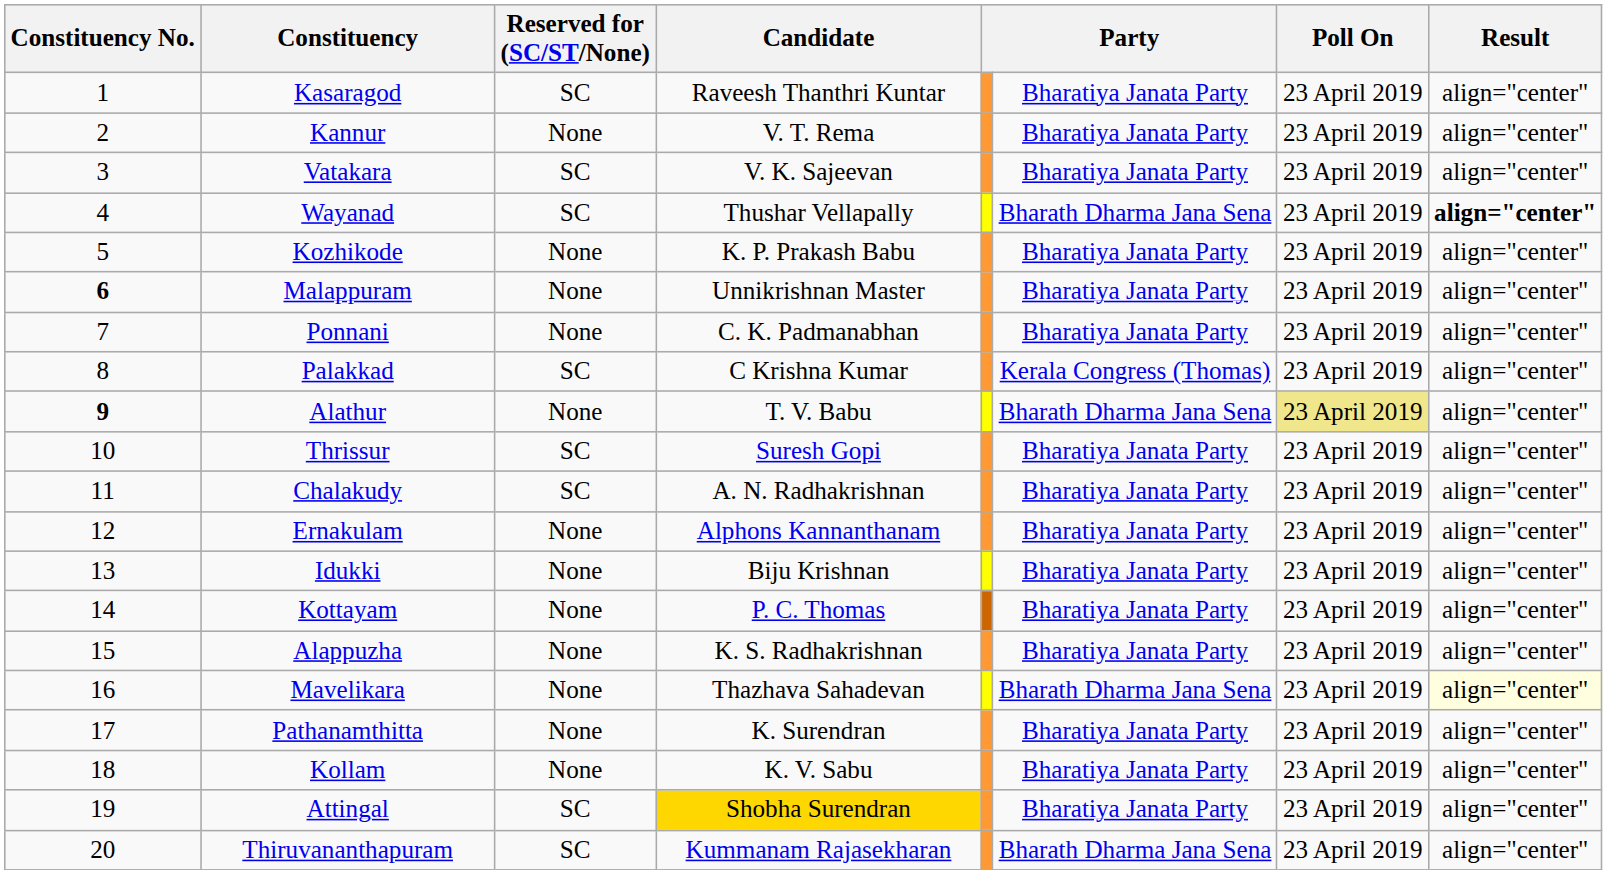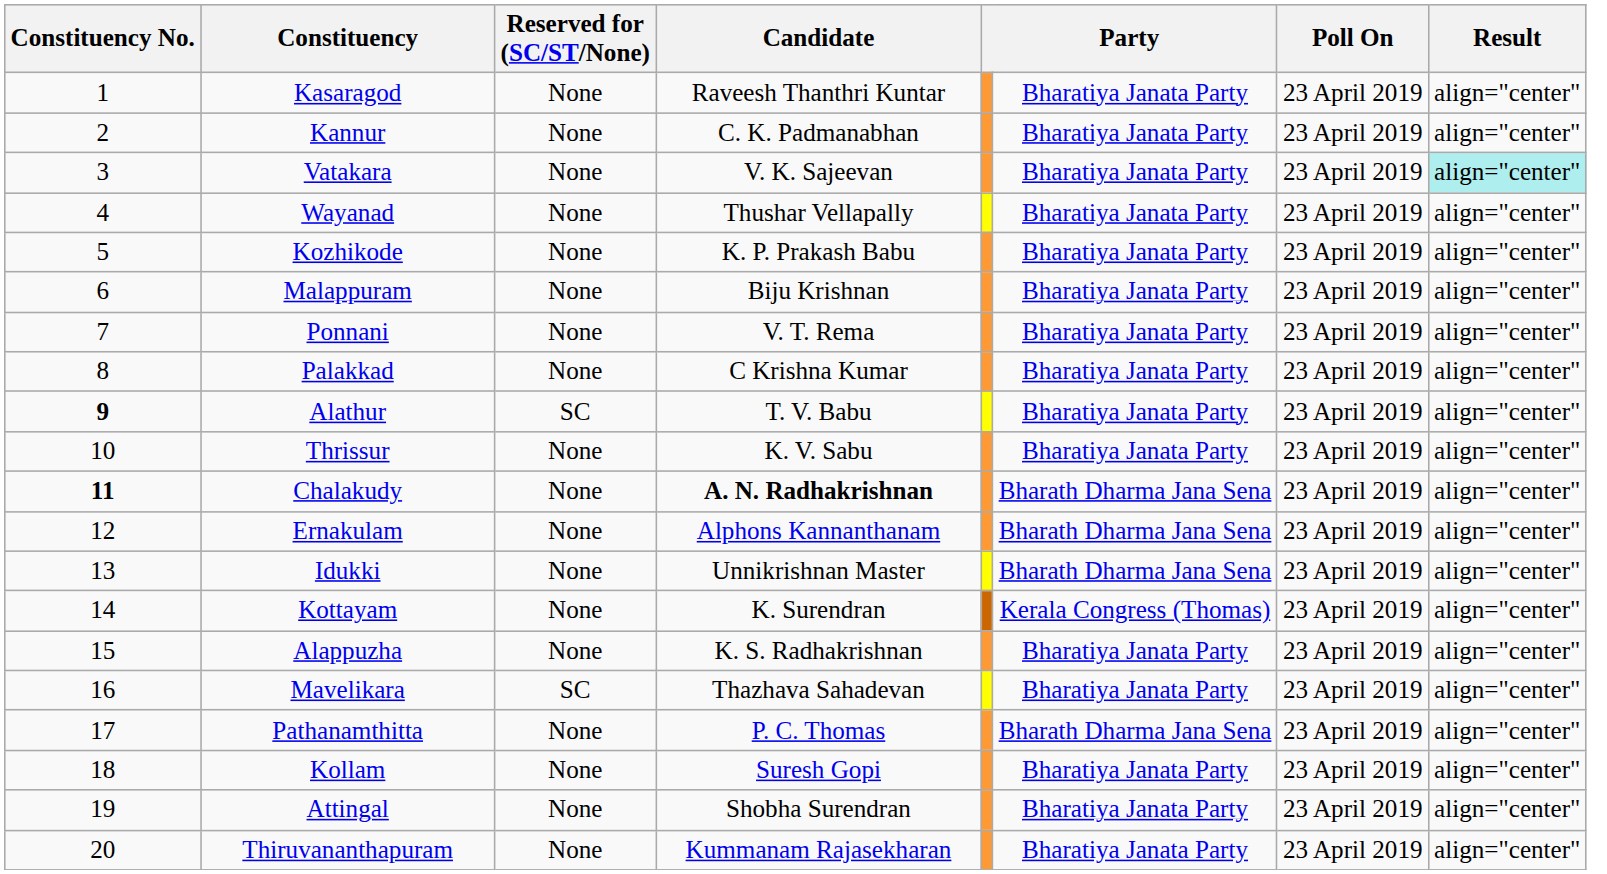 <table class="wikitable sortable" style="text-align:center;">
 <tr>
 <th>Constituency No.</th>
 <th style="width:180px;">Constituency</th>
 <th>Reserved for<br>(<a href='#'>SC/ST</a>/None)</th>
 <th style="width:200px;">Candidate</th>
 <th colspan="2">Party</th>
 <th>Poll On</th>
 <th>Result</th>
 </tr>
 <tr>
 <td align="center">1</td>
 <td><a href='#'>Kasaragod</a></td>
-<td align="center">SC</td>
+<td align="center">None</td>
 <td>Raveesh Thanthri Kuntar</td>
 <td bgcolor=#FF9933></td>
 <td><a href='#'>Bharatiya Janata Party</a></td>
 <td align="center">23 April 2019</td>
 <td>align="center" </td>
 </tr>
 <tr>
 <td align="center">2</td>
 <td><a href='#'>Kannur</a></td>
 <td align="center">None</td>
-<td>V. T. Rema</td>
+<td>C. K. Padmanabhan</td>
 <td bgcolor=#FF9933></td>
 <td><a href='#'>Bharatiya Janata Party</a></td>
 <td align="center">23 April 2019</td>
 <td>align="center" </td>
 </tr>
 <tr>
 <td align="center">3</td>
 <td><a href='#'>Vatakara</a></td>
-<td align="center">SC</td>
+<td align="center">None</td>
 <td>V. K. Sajeevan</td>
 <td bgcolor=#FF9933></td>
 <td><a href='#'>Bharatiya Janata Party</a></td>
 <td align="center">23 April 2019</td>
-<td>align="center" </td>
+<td style="background: paleturquoise;">align="center" </td>
 </tr>
 <tr>
 <td align="center">4</td>
 <td><a href='#'>Wayanad</a></td>
-<td align="center">SC</td>
+<td align="center">None</td>
 <td>Thushar Vellapally</td>
 <td bgcolor="#FFFF00"></td>
-<td><a href='#'>Bharath Dharma Jana Sena</a></td>
+<td><a href='#'>Bharatiya Janata Party</a></td>
 <td align="center">23 April 2019</td>
-<td><strong>align="center" </strong></td>
+<td>align="center" </td>
 </tr>
 <tr>
 <td align="center">5</td>
 <td><a href='#'>Kozhikode</a></td>
 <td align="center">None</td>
 <td>K. P. Prakash Babu</td>
 <td bgcolor=#FF9933></td>
 <td><a href='#'>Bharatiya Janata Party</a></td>
 <td align="center">23 April 2019</td>
 <td>align="center" </td>
 </tr>
 <tr>
-<td align="center"><strong>6</strong></td>
+<td align="center">6</td>
 <td><a href='#'>Malappuram</a></td>
 <td align="center">None</td>
-<td>Unnikrishnan Master</td>
+<td>Biju Krishnan</td>
 <td bgcolor=#FF9933></td>
 <td><a href='#'>Bharatiya Janata Party</a></td>
 <td align="center">23 April 2019</td>
 <td>align="center" </td>
 </tr>
 <tr>
 <td align="center">7</td>
 <td><a href='#'>Ponnani</a></td>
 <td align="center">None</td>
-<td>C. K. Padmanabhan</td>
+<td>V. T. Rema</td>
 <td bgcolor=#FF9933></td>
 <td><a href='#'>Bharatiya Janata Party</a></td>
 <td align="center">23 April 2019</td>
 <td>align="center" </td>
 </tr>
 <tr>
 <td align="center">8</td>
 <td><a href='#'>Palakkad</a></td>
-<td align="center">SC</td>
+<td align="center">None</td>
 <td>C Krishna Kumar</td>
 <td bgcolor=#FF9933></td>
-<td><a href='#'>Kerala Congress (Thomas)</a></td>
+<td><a href='#'>Bharatiya Janata Party</a></td>
 <td align="center">23 April 2019</td>
 <td>align="center" </td>
 </tr>
 <tr>
 <td align="center"><strong>9</strong></td>
 <td><a href='#'>Alathur</a></td>
-<td align="center">None</td>
+<td align="center">SC</td>
 <td>T. V. Babu</td>
 <td bgcolor=#FFFF00></td>
-<td><a href='#'>Bharath Dharma Jana Sena</a></td>
-<td align="center" style="background: khaki;">23 April 2019</td>
+<td><a href='#'>Bharatiya Janata Party</a></td>
+<td align="center">23 April 2019</td>
 <td>align="center" </td>
 </tr>
 <tr>
 <td align="center">10</td>
 <td><a href='#'>Thrissur</a></td>
-<td align="center">SC</td>
-<td><a href='#'>Suresh Gopi</a></td>
+<td align="center">None</td>
+<td>K. V. Sabu</td>
 <td bgcolor="#FF9933"></td>
 <td><a href='#'>Bharatiya Janata Party</a></td>
 <td align="center">23 April 2019</td>
 <td>align="center" </td>
 </tr>
 <tr>
-<td align="center">11</td>
+<td align="center"><strong>11</strong></td>
 <td><a href='#'>Chalakudy</a></td>
-<td align="center">SC</td>
-<td>A. N. Radhakrishnan</td>
+<td align="center">None</td>
+<td><strong>A. N. Radhakrishnan</strong></td>
 <td bgcolor=#FF9933></td>
-<td><a href='#'>Bharatiya Janata Party</a></td>
+<td><a href='#'>Bharath Dharma Jana Sena</a></td>
 <td align="center">23 April 2019</td>
 <td>align="center" </td>
 </tr>
 <tr>
 <td align="center">12</td>
 <td><a href='#'>Ernakulam</a></td>
 <td align="center">None</td>
 <td><a href='#'>Alphons Kannanthanam</a></td>
 <td bgcolor=#FF9933></td>
-<td><a href='#'>Bharatiya Janata Party</a></td>
+<td><a href='#'>Bharath Dharma Jana Sena</a></td>
 <td align="center">23 April 2019</td>
 <td>align="center" </td>
 </tr>
 <tr>
 <td align="center">13</td>
 <td><a href='#'>Idukki</a></td>
 <td align="center">None</td>
-<td>Biju Krishnan</td>
+<td>Unnikrishnan Master</td>
 <td bgcolor=#FFFF00></td>
-<td><a href='#'>Bharatiya Janata Party</a></td>
+<td><a href='#'>Bharath Dharma Jana Sena</a></td>
 <td align="center">23 April 2019</td>
 <td>align="center" </td>
 </tr>
 <tr>
 <td align="center">14</td>
 <td><a href='#'>Kottayam</a></td>
 <td align="center">None</td>
-<td><a href='#'>P. C. Thomas</a></td>
+<td>K. Surendran</td>
 <td bgcolor=#CC6600></td>
-<td><a href='#'>Bharatiya Janata Party</a></td>
+<td><a href='#'>Kerala Congress (Thomas)</a></td>
 <td align="center">23 April 2019</td>
 <td>align="center" </td>
 </tr>
 <tr>
 <td align="center">15</td>
 <td><a href='#'>Alappuzha</a></td>
 <td align="center">None</td>
 <td>K. S. Radhakrishnan</td>
 <td bgcolor=#FF9933></td>
 <td><a href='#'>Bharatiya Janata Party</a></td>
 <td align="center">23 April 2019</td>
 <td>align="center" </td>
 </tr>
 <tr>
 <td align="center">16</td>
 <td><a href='#'>Mavelikara</a></td>
-<td align="center">None</td>
+<td align="center">SC</td>
 <td>Thazhava Sahadevan</td>
 <td bgcolor=#FFFF00></td>
-<td><a href='#'>Bharath Dharma Jana Sena</a></td>
+<td><a href='#'>Bharatiya Janata Party</a></td>
 <td align="center">23 April 2019</td>
-<td style="background: lightyellow;">align="center" </td>
+<td>align="center" </td>
 </tr>
 <tr>
 <td align="center">17</td>
 <td><a href='#'>Pathanamthitta</a></td>
 <td align="center">None</td>
-<td>K. Surendran</td>
+<td><a href='#'>P. C. Thomas</a></td>
 <td bgcolor=#FF9933></td>
-<td><a href='#'>Bharatiya Janata Party</a></td>
+<td><a href='#'>Bharath Dharma Jana Sena</a></td>
 <td align="center">23 April 2019</td>
 <td>align="center" </td>
 </tr>
 <tr>
 <td align="center">18</td>
 <td><a href='#'>Kollam</a></td>
 <td align="center">None</td>
-<td>K. V. Sabu</td>
+<td><a href='#'>Suresh Gopi</a></td>
 <td bgcolor=#FF9933></td>
 <td><a href='#'>Bharatiya Janata Party</a></td>
 <td align="center">23 April 2019</td>
 <td>align="center" </td>
 </tr>
 <tr>
 <td align="center">19</td>
 <td><a href='#'>Attingal</a></td>
-<td align="center">SC</td>
-<td style="background: gold;">Shobha Surendran</td>
+<td align="center">None</td>
+<td>Shobha Surendran</td>
 <td bgcolor=#FF9933></td>
 <td><a href='#'>Bharatiya Janata Party</a></td>
 <td align="center">23 April 2019</td>
 <td>align="center" </td>
 </tr>
 <tr>
 <td align="center">20</td>
 <td><a href='#'>Thiruvananthapuram</a></td>
-<td align="center">SC</td>
+<td align="center">None</td>
 <td><a href='#'>Kummanam Rajasekharan</a></td>
 <td bgcolor=#FF9933></td>
-<td><a href='#'>Bharath Dharma Jana Sena</a></td>
+<td><a href='#'>Bharatiya Janata Party</a></td>
 <td align="center">23 April 2019</td>
 <td>align="center" </td>
 </tr>
 </table>
